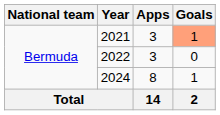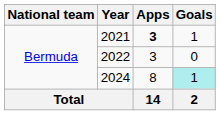 <table class="wikitable" style="text-align:center">
 <tr>
 <th>National team</th>
 <th>Year</th>
 <th>Apps</th>
 <th>Goals</th>
 </tr>
 <tr>
 <td rowspan="3"><a href='#'>Bermuda</a></td>
 <td>2021</td>
-<td>3</td>
-<td style="background: lightsalmon;">1</td>
+<td><strong>3</strong></td>
+<td>1</td>
 </tr>
 <tr>
 <td>2022</td>
 <td>3</td>
 <td>0</td>
 </tr>
 <tr>
 <td>2024</td>
 <td>8</td>
-<td>1</td>
+<td style="background: paleturquoise;">1</td>
 </tr>
 <tr>
 <th colspan="2">Total</th>
 <th>14</th>
 <th>2</th>
 </tr>
 </table>
